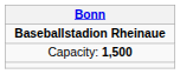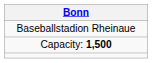 <table class="wikitable" style="text-align:center" width=225>
 <tr>
 <th><strong> <a href='#'>Bonn</a></strong></th>
 </tr>
 <tr>
-<td><strong>Baseballstadion Rheinaue</strong></td>
+<td>Baseballstadion Rheinaue</td>
 </tr>
 <tr>
 <td>Capacity: <strong>1,500</strong></td>
 </tr>
 <tr>
 <td></td>
 </tr>
 </table>
